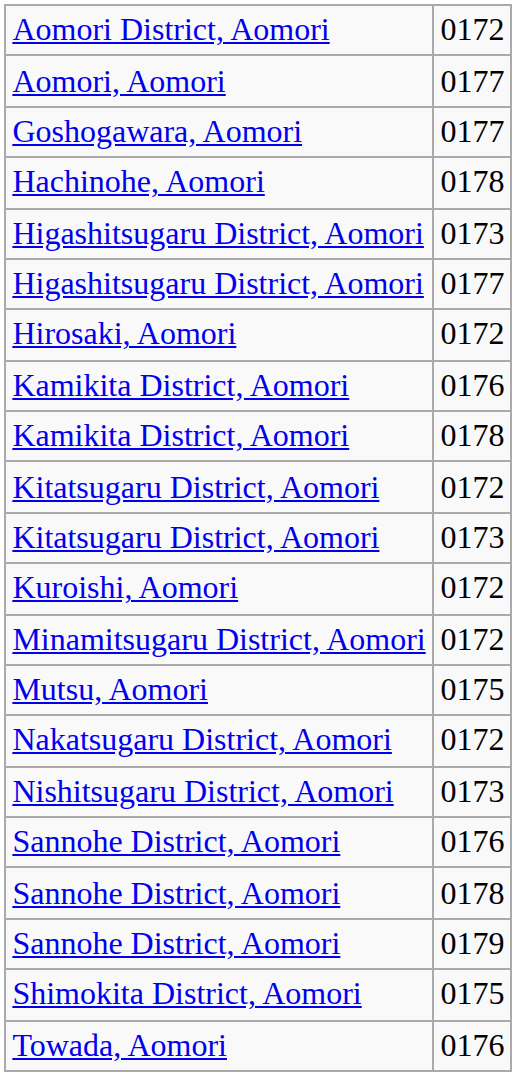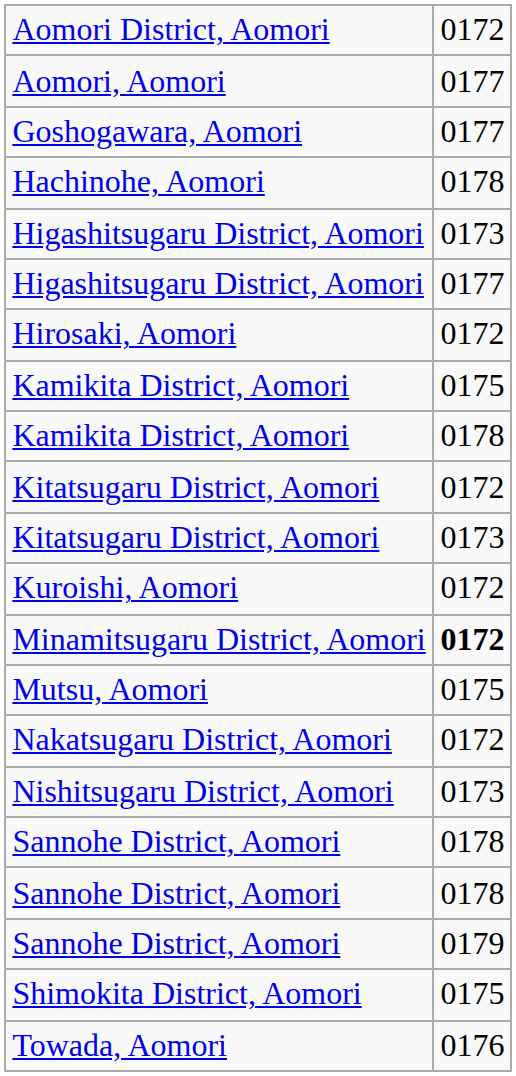 <table class="wikitable">
 <tr>
 <td><a href='#'>Aomori District, Aomori</a></td>
 <td>0172</td>
 </tr>
 <tr>
 <td><a href='#'>Aomori, Aomori</a></td>
 <td>0177</td>
 </tr>
 <tr>
 <td><a href='#'>Goshogawara, Aomori</a></td>
 <td>0177</td>
 </tr>
 <tr>
 <td><a href='#'>Hachinohe, Aomori</a></td>
 <td>0178</td>
 </tr>
 <tr>
 <td><a href='#'>Higashitsugaru District, Aomori</a></td>
 <td>0173</td>
 </tr>
 <tr>
 <td><a href='#'>Higashitsugaru District, Aomori</a></td>
 <td>0177</td>
 </tr>
 <tr>
 <td><a href='#'>Hirosaki, Aomori</a></td>
 <td>0172</td>
 </tr>
 <tr>
 <td><a href='#'>Kamikita District, Aomori</a></td>
-<td>0176</td>
+<td>0175</td>
 </tr>
 <tr>
 <td><a href='#'>Kamikita District, Aomori</a></td>
 <td>0178</td>
 </tr>
 <tr>
 <td><a href='#'>Kitatsugaru District, Aomori</a></td>
 <td>0172</td>
 </tr>
 <tr>
 <td><a href='#'>Kitatsugaru District, Aomori</a></td>
 <td>0173</td>
 </tr>
 <tr>
 <td><a href='#'>Kuroishi, Aomori</a></td>
 <td>0172</td>
 </tr>
 <tr>
 <td><a href='#'>Minamitsugaru District, Aomori</a></td>
-<td>0172</td>
+<td><strong>0172</strong></td>
 </tr>
 <tr>
 <td><a href='#'>Mutsu, Aomori</a></td>
 <td>0175</td>
 </tr>
 <tr>
 <td><a href='#'>Nakatsugaru District, Aomori</a></td>
 <td>0172</td>
 </tr>
 <tr>
 <td><a href='#'>Nishitsugaru District, Aomori</a></td>
 <td>0173</td>
 </tr>
 <tr>
 <td><a href='#'>Sannohe District, Aomori</a></td>
-<td>0176</td>
+<td>0178</td>
 </tr>
 <tr>
 <td><a href='#'>Sannohe District, Aomori</a></td>
 <td>0178</td>
 </tr>
 <tr>
 <td><a href='#'>Sannohe District, Aomori</a></td>
 <td>0179</td>
 </tr>
 <tr>
 <td><a href='#'>Shimokita District, Aomori</a></td>
 <td>0175</td>
 </tr>
 <tr>
 <td><a href='#'>Towada, Aomori</a></td>
 <td>0176</td>
 </tr>
 </table>
